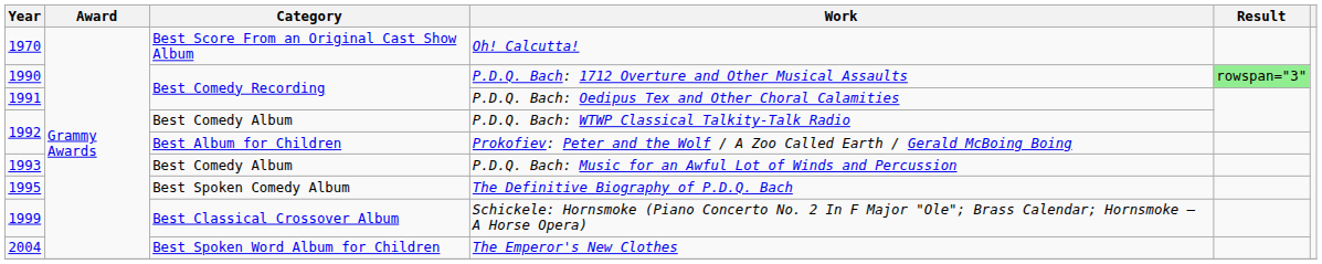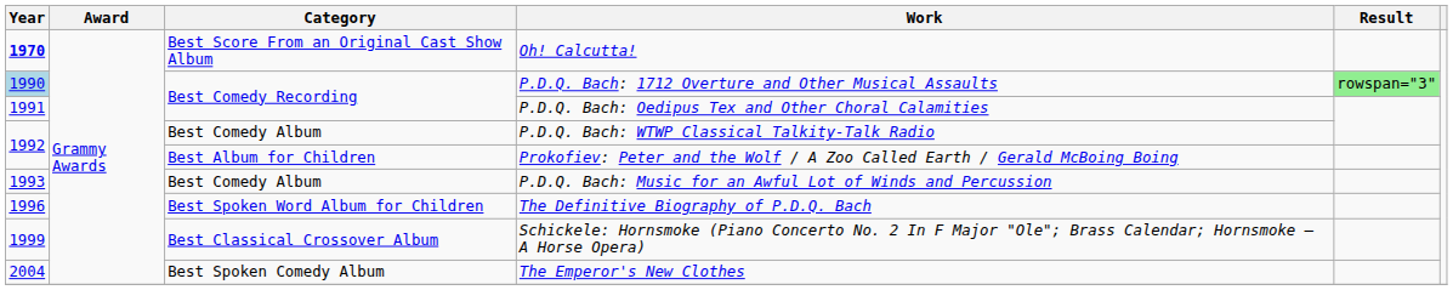 <table class="wikitable sortable">
 <tr>
 <th scope="col">Year</th>
 <th scope="col">Award</th>
 <th scope="col">Category</th>
 <th scope="col">Work</th>
 <th scope="col">Result</th>
 <th scope="col" class="unsortable"></th>
 </tr>
 <tr>
-<td><a href='#'>1970</a></td>
+<td><strong><a href='#'>1970</a></strong></td>
 <td rowspan="9"><a href='#'>Grammy Awards</a></td>
 <td><a href='#'>Best Score From an Original Cast Show Album</a></td>
 <td><em><a href='#'>Oh! Calcutta!</a></em></td>
 <td></td>
 <td rowspan="9"></td>
 </tr>
 <tr>
-<td><a href='#'>1990</a></td>
+<td style="background: lightblue;"><a href='#'>1990</a></td>
 <td rowspan="2"><a href='#'>Best Comedy Recording</a></td>
 <td><em><a href='#'>P.D.Q. Bach</a>: <a href='#'>1712 Overture and Other Musical Assaults</a></em></td>
 <td style="background: lightgreen;">rowspan="3" </td>
 </tr>
 <tr>
 <td><a href='#'>1991</a></td>
 <td><em>P.D.Q. Bach: <a href='#'>Oedipus Tex and Other Choral Calamities</a></em></td>
 </tr>
 <tr>
 <td rowspan="2"><a href='#'>1992</a></td>
 <td>Best Comedy Album</td>
 <td><em>P.D.Q. Bach: <a href='#'>WTWP Classical Talkity-Talk Radio</a></em></td>
 </tr>
 <tr>
 <td><a href='#'>Best Album for Children</a></td>
 <td><em><a href='#'>Prokofiev</a>: <a href='#'>Peter and the Wolf</a> / A Zoo Called Earth / <a href='#'>Gerald McBoing Boing</a></em></td>
 <td></td>
 </tr>
 <tr>
 <td><a href='#'>1993</a></td>
 <td>Best Comedy Album</td>
 <td><em>P.D.Q. Bach: <a href='#'>Music for an Awful Lot of Winds and Percussion</a></em></td>
 <td></td>
 </tr>
 <tr>
-<td><a href='#'>1995</a></td>
-<td>Best Spoken Comedy Album</td>
+<td><a href='#'>1996</a></td>
+<td><a href='#'>Best Spoken Word Album for Children</a></td>
 <td><em><a href='#'>The Definitive Biography of P.D.Q. Bach</a></em></td>
 <td></td>
 </tr>
 <tr>
 <td><a href='#'>1999</a></td>
 <td><a href='#'>Best Classical Crossover Album</a></td>
 <td><em>Schickele: Hornsmoke (Piano Concerto No. 2 In F Major "Ole"; Brass Calendar; Hornsmoke – A Horse Opera)</em></td>
 <td></td>
 </tr>
 <tr>
 <td><a href='#'>2004</a></td>
-<td><a href='#'>Best Spoken Word Album for Children</a></td>
+<td>Best Spoken Comedy Album</td>
 <td><em><a href='#'>The Emperor's New Clothes</a></em></td>
 <td></td>
 </tr>
 <tr>
 </tr>
 </table>
